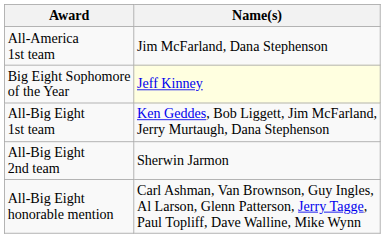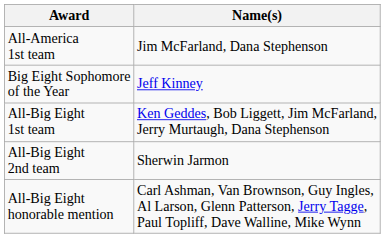 <table class="wikitable">
 <tr>
 <th>Award</th>
 <th>Name(s)</th>
 </tr>
 <tr>
 <td>All-America<br>1st team</td>
 <td>Jim McFarland, Dana Stephenson</td>
 </tr>
 <tr>
 <td>Big Eight Sophomore<br>of the Year</td>
-<td style="background: lightyellow;"><a href='#'>Jeff Kinney</a></td>
+<td><a href='#'>Jeff Kinney</a></td>
 </tr>
 <tr>
 <td>All-Big Eight<br>1st team</td>
 <td><a href='#'>Ken Geddes</a>, Bob Liggett, Jim McFarland,<br>Jerry Murtaugh, Dana Stephenson</td>
 </tr>
 <tr>
 <td>All-Big Eight<br>2nd team</td>
 <td>Sherwin Jarmon</td>
 </tr>
 <tr>
 <td>All-Big Eight<br>honorable mention</td>
 <td>Carl Ashman, Van Brownson, Guy Ingles,<br>Al Larson, Glenn Patterson, <a href='#'>Jerry Tagge</a>,<br>Paul Topliff, Dave Walline, Mike Wynn</td>
 </tr>
 </table>
